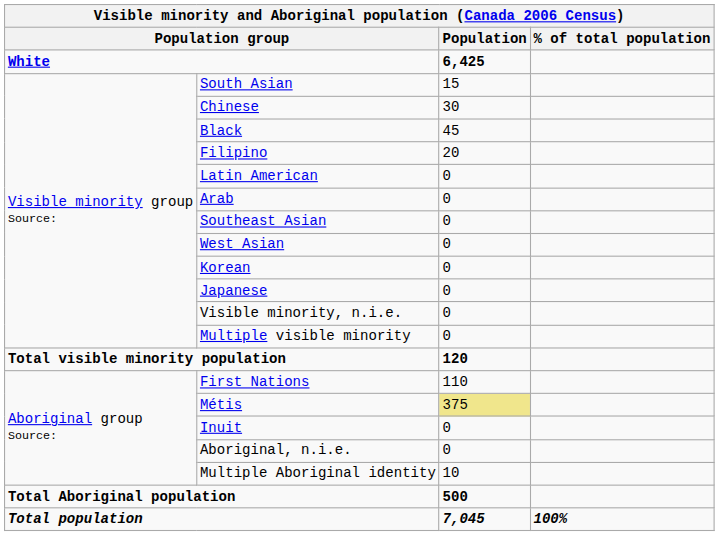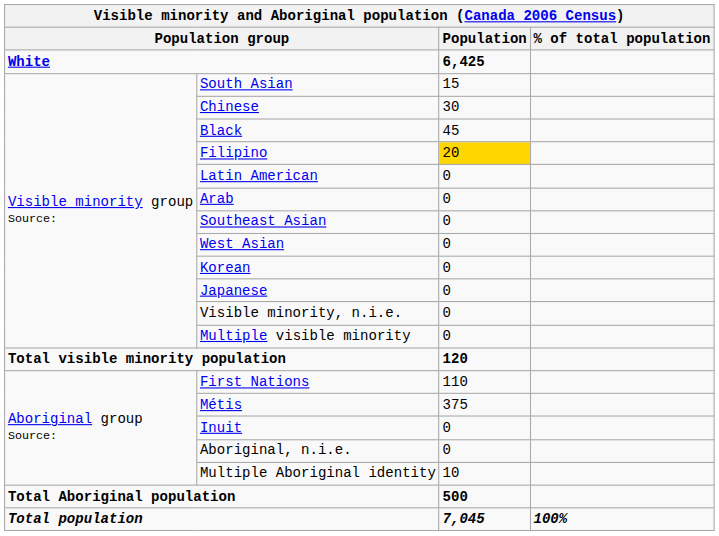 <table class="wikitable">
 <tr>
 <th colspan=4>Visible minority and Aboriginal population (<a href='#'>Canada 2006 Census</a>)</th>
 </tr>
 <tr>
 <th colspan=2>Population group</th>
 <th>Population</th>
 <th>% of total population</th>
 </tr>
 <tr>
 <td colspan=2><strong><a href='#'>White</a></strong></td>
 <td><strong>6,425</strong></td>
 <td><strong></strong></td>
 </tr>
 <tr>
 <td rowspan=12><a href='#'>Visible minority</a> group<br><small>Source:</small></td>
 <td><a href='#'>South Asian</a></td>
 <td>15</td>
 <td></td>
 </tr>
 <tr>
 <td><a href='#'>Chinese</a></td>
 <td>30</td>
 <td></td>
 </tr>
 <tr>
 <td><a href='#'>Black</a></td>
 <td>45</td>
 <td></td>
 </tr>
 <tr>
 <td><a href='#'>Filipino</a></td>
-<td>20</td>
+<td style="background: gold;">20</td>
 <td></td>
 </tr>
 <tr>
 <td><a href='#'>Latin American</a></td>
 <td>0</td>
 <td></td>
 </tr>
 <tr>
 <td><a href='#'>Arab</a></td>
 <td>0</td>
 <td></td>
 </tr>
 <tr>
 <td><a href='#'>Southeast Asian</a></td>
 <td>0</td>
 <td></td>
 </tr>
 <tr>
 <td><a href='#'>West Asian</a></td>
 <td>0</td>
 <td></td>
 </tr>
 <tr>
 <td><a href='#'>Korean</a></td>
 <td>0</td>
 <td></td>
 </tr>
 <tr>
 <td><a href='#'>Japanese</a></td>
 <td>0</td>
 <td></td>
 </tr>
 <tr>
 <td>Visible minority, n.i.e.</td>
 <td>0</td>
 <td></td>
 </tr>
 <tr>
 <td><a href='#'>Multiple</a> visible minority</td>
 <td>0</td>
 <td></td>
 </tr>
 <tr>
 <td colspan=2><strong>Total visible minority population</strong></td>
 <td><strong>120</strong></td>
 <td><strong></strong></td>
 </tr>
 <tr>
 <td rowspan=5><a href='#'>Aboriginal</a> group<br><small>Source:</small></td>
 <td><a href='#'>First Nations</a></td>
 <td>110</td>
 <td></td>
 </tr>
 <tr>
 <td><a href='#'>Métis</a></td>
-<td style="background: khaki;">375</td>
+<td>375</td>
 <td></td>
 </tr>
 <tr>
 <td><a href='#'>Inuit</a></td>
 <td>0</td>
 <td></td>
 </tr>
 <tr>
 <td>Aboriginal, n.i.e.</td>
 <td>0</td>
 <td></td>
 </tr>
 <tr>
 <td>Multiple Aboriginal identity</td>
 <td>10</td>
 <td></td>
 </tr>
 <tr>
 <td colspan=2><strong>Total Aboriginal population</strong></td>
 <td><strong>500</strong></td>
 <td><strong></strong></td>
 </tr>
 <tr>
 <td colspan=2><strong><em>Total population</em></strong></td>
 <td><strong><em>7,045</em></strong></td>
 <td><strong><em>100%</em></strong></td>
 </tr>
 </table>
